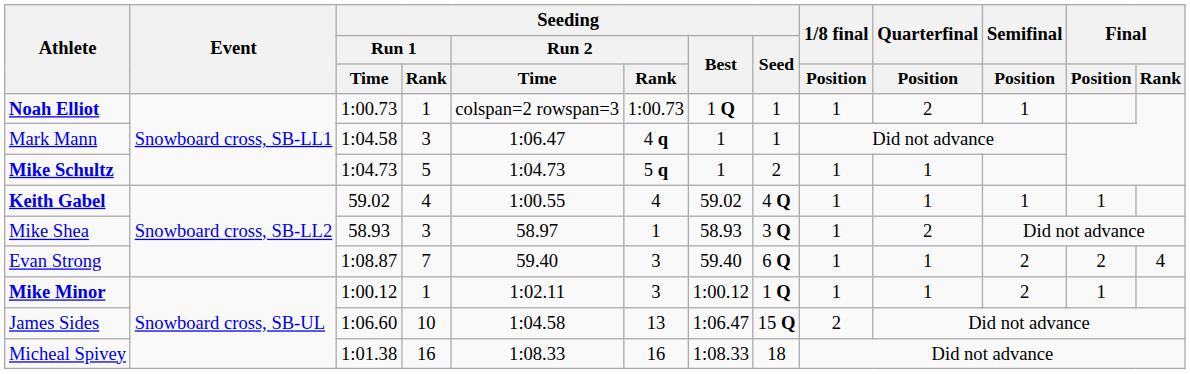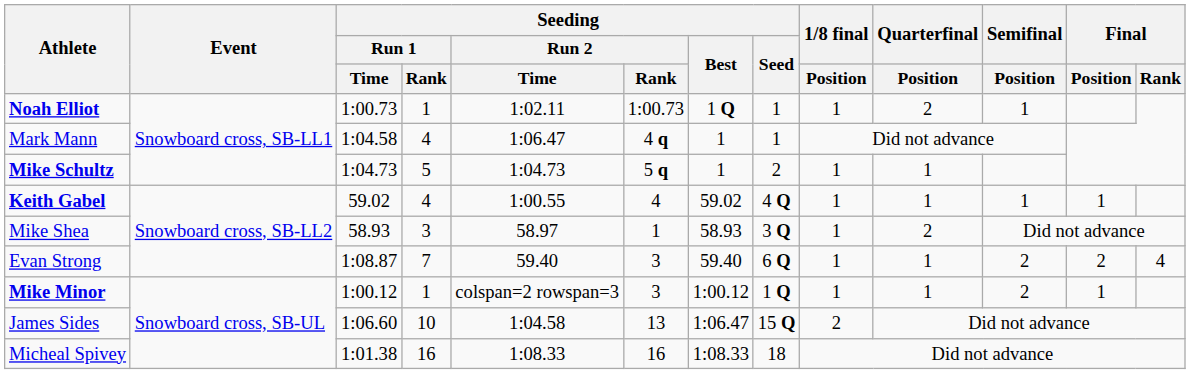 <table class=wikitable style=font-size:90%;text-align:center>
 <tr>
 <th rowspan=3>Athlete</th>
 <th rowspan=3>Event</th>
 <th colspan=6>Seeding</th>
 <th rowspan=2>1/8 final</th>
 <th rowspan=2>Quarterfinal</th>
 <th rowspan=2>Semifinal</th>
 <th colspan=2 rowspan=2>Final</th>
 </tr>
 <tr style=font-size:95%>
 <th colspan=2>Run 1</th>
 <th colspan=2>Run 2</th>
 <th rowspan=2>Best</th>
 <th rowspan=2>Seed</th>
 </tr>
 <tr style=font-size:95%>
 <th>Time</th>
 <th>Rank</th>
 <th>Time</th>
 <th>Rank</th>
 <th>Position</th>
 <th>Position</th>
 <th>Position</th>
 <th>Position</th>
 <th>Rank</th>
 </tr>
 <tr>
 <td align=left><strong><a href='#'>Noah Elliot</a></strong></td>
 <td align=left rowspan=3><a href='#'>Snowboard cross, SB-LL1</a></td>
 <td>1:00.73</td>
 <td>1</td>
-<td>colspan=2 rowspan=3 </td>
+<td>1:02.11</td>
 <td>1:00.73</td>
 <td>1 <strong>Q</strong></td>
 <td>1</td>
 <td>1</td>
 <td>2</td>
 <td>1</td>
 <td></td>
 </tr>
 <tr>
 <td align=left><a href='#'>Mark Mann</a></td>
 <td>1:04.58</td>
-<td>3</td>
+<td>4</td>
 <td>1:06.47</td>
 <td>4 <strong>q</strong></td>
 <td>1</td>
 <td>1</td>
 <td colspan="3">Did not advance</td>
 </tr>
 <tr>
 <td align=left><strong><a href='#'>Mike Schultz</a></strong></td>
 <td>1:04.73</td>
 <td>5</td>
 <td>1:04.73</td>
 <td>5 <strong>q</strong></td>
 <td>1</td>
 <td>2</td>
 <td>1</td>
 <td>1</td>
 <td></td>
 </tr>
 <tr>
 <td align=left><strong><a href='#'>Keith Gabel</a></strong></td>
 <td align=left rowspan=3><a href='#'>Snowboard cross, SB-LL2</a></td>
 <td>59.02</td>
 <td>4</td>
 <td>1:00.55</td>
 <td>4</td>
 <td>59.02</td>
 <td>4 <strong>Q</strong></td>
 <td>1</td>
 <td>1</td>
 <td>1</td>
 <td>1</td>
 <td></td>
 </tr>
 <tr>
 <td align=left><a href='#'>Mike Shea</a></td>
 <td>58.93</td>
 <td>3</td>
 <td>58.97</td>
 <td>1</td>
 <td>58.93</td>
 <td>3 <strong>Q</strong></td>
 <td>1</td>
 <td>2</td>
 <td colspan="3">Did not advance</td>
 </tr>
 <tr>
 <td align=left><a href='#'>Evan Strong</a></td>
 <td>1:08.87</td>
 <td>7</td>
 <td>59.40</td>
 <td>3</td>
 <td>59.40</td>
 <td>6 <strong>Q</strong></td>
 <td>1</td>
 <td>1</td>
 <td>2</td>
 <td>2</td>
 <td>4</td>
 </tr>
 <tr>
 <td align=left><strong><a href='#'>Mike Minor</a></strong></td>
 <td align=left rowspan=3><a href='#'>Snowboard cross, SB-UL</a></td>
 <td>1:00.12</td>
 <td>1</td>
-<td>1:02.11</td>
+<td>colspan=2 rowspan=3 </td>
 <td>3</td>
 <td>1:00.12</td>
 <td>1 <strong>Q</strong></td>
 <td>1</td>
 <td>1</td>
 <td>2</td>
 <td>1</td>
 <td></td>
 </tr>
 <tr>
 <td align=left><a href='#'>James Sides</a></td>
 <td>1:06.60</td>
 <td>10</td>
 <td>1:04.58</td>
 <td>13</td>
 <td>1:06.47</td>
 <td>15 <strong>Q</strong></td>
 <td>2</td>
 <td colspan="4">Did not advance</td>
 </tr>
 <tr>
 <td align=left><a href='#'>Micheal Spivey</a></td>
 <td>1:01.38</td>
 <td>16</td>
 <td>1:08.33</td>
 <td>16</td>
 <td>1:08.33</td>
 <td>18</td>
 <td colspan="5">Did not advance</td>
 </tr>
 </table>
